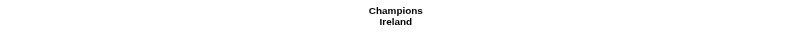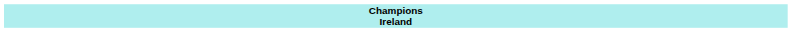 <table cellspacing=0 width=100%>
 <tr>
 <td align=center></td>
 </tr>
 <tr>
-<td align=center><strong>Champions<br>Ireland</strong></td>
+<td align=center style="background: paleturquoise;"><strong>Champions<br>Ireland</strong></td>
 </tr>
 </table>
